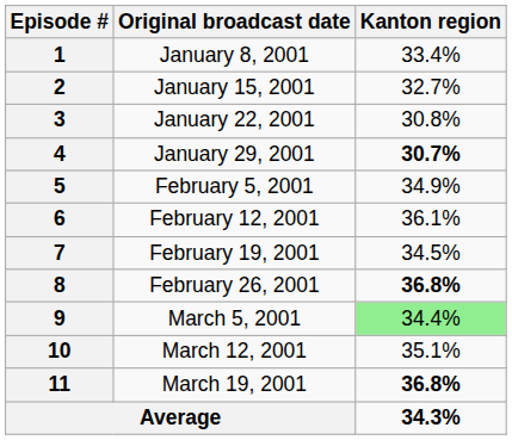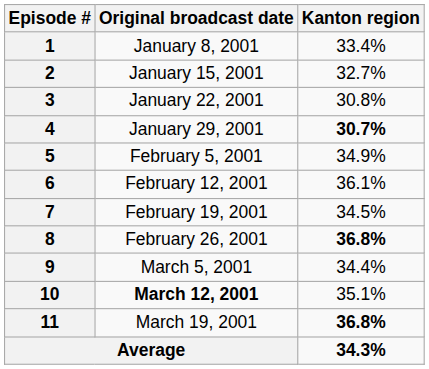 <table class=wikitable style="text-align:center">
 <tr>
 <th>Episode #</th>
 <th>Original broadcast date</th>
 <th>Kanton region</th>
 </tr>
 <tr>
 <th>1</th>
 <td>January 8, 2001</td>
 <td>33.4%</td>
 </tr>
 <tr>
 <th>2</th>
 <td>January 15, 2001</td>
 <td>32.7%</td>
 </tr>
 <tr>
 <th>3</th>
 <td>January 22, 2001</td>
 <td>30.8%</td>
 </tr>
 <tr>
 <th>4</th>
 <td>January 29, 2001</td>
 <td><span><strong>30.7% </strong></span></td>
 </tr>
 <tr>
 <th>5</th>
 <td>February 5, 2001</td>
 <td>34.9%</td>
 </tr>
 <tr>
 <th>6</th>
 <td>February 12, 2001</td>
 <td>36.1%</td>
 </tr>
 <tr>
 <th>7</th>
 <td>February 19, 2001</td>
 <td>34.5%</td>
 </tr>
 <tr>
 <th>8</th>
 <td>February 26, 2001</td>
 <td><span><strong>36.8% </strong></span></td>
 </tr>
 <tr>
 <th>9</th>
 <td>March 5, 2001</td>
-<td style="background: lightgreen;">34.4%</td>
+<td>34.4%</td>
 </tr>
 <tr>
 <th>10</th>
-<td>March 12, 2001</td>
+<td><strong>March 12, 2001</strong></td>
 <td>35.1%</td>
 </tr>
 <tr>
 <th>11</th>
 <td>March 19, 2001</td>
 <td><span><strong>36.8% </strong></span></td>
 </tr>
 <tr>
 <th colspan="2">Average</th>
 <td><span> <strong>34.3%</strong></span></td>
 </tr>
 </table>
